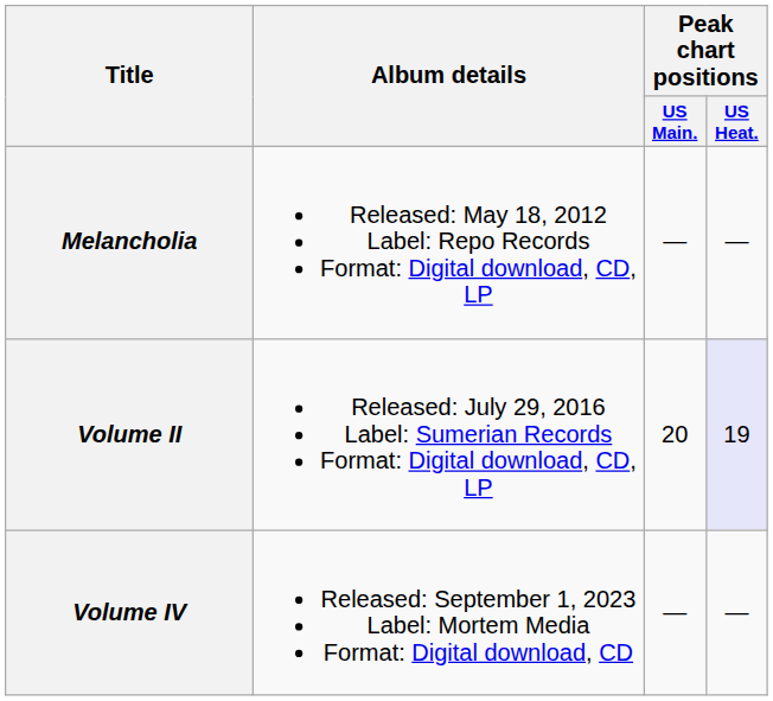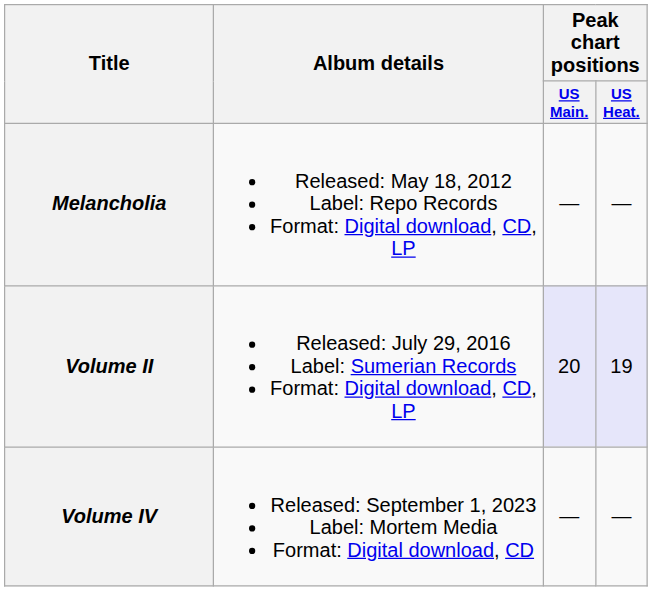 <table class="wikitable plainrowheaders" style="text-align:center;">
 <tr>
 <th scope="col" rowspan="2" style="width:10em;">Title</th>
 <th scope="col" rowspan="2" style="width:16em;">Album details</th>
 <th scope="col" colspan="4">Peak chart positions</th>
 </tr>
 <tr>
 <th scope="col" style="width:3em;font-size:75%"><a href='#'>US<br>Main.</a></th>
 <th scope="col" style="width:3em;font-size:75%"><a href='#'>US<br>Heat.</a></th>
 </tr>
 <tr>
 <th scope="row"><em>Melancholia</em></th>
 <td><br><ul><li>Released: May 18, 2012</li><li>Label: Repo Records</li><li>Format: <a href='#'>Digital download</a>, <a href='#'>CD</a>, <a href='#'>LP</a></li></ul></td>
 <td>—</td>
 <td>—</td>
 </tr>
 <tr>
 <th scope="row"><em>Volume II</em></th>
 <td><br><ul><li>Released: July 29, 2016</li><li>Label: <a href='#'>Sumerian Records</a></li><li>Format: <a href='#'>Digital download</a>, <a href='#'>CD</a>, <a href='#'>LP</a></li></ul></td>
-<td>20</td>
+<td style="background: lavender;">20</td>
 <td style="background: lavender;">19</td>
 </tr>
 <tr>
 <th scope="row"><em>Volume IV</em></th>
 <td><br><ul><li>Released: September 1, 2023</li><li>Label: Mortem Media</li><li>Format: <a href='#'>Digital download</a>, <a href='#'>CD</a></li></ul></td>
 <td>—</td>
 <td>—</td>
 </tr>
 </table>
